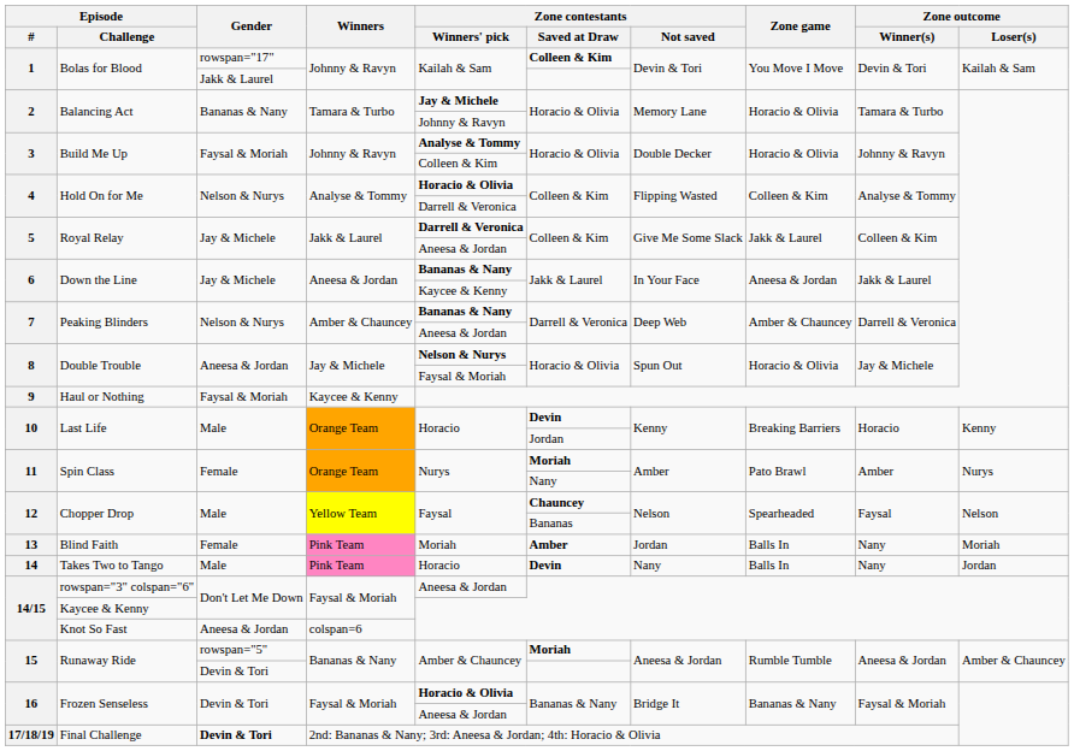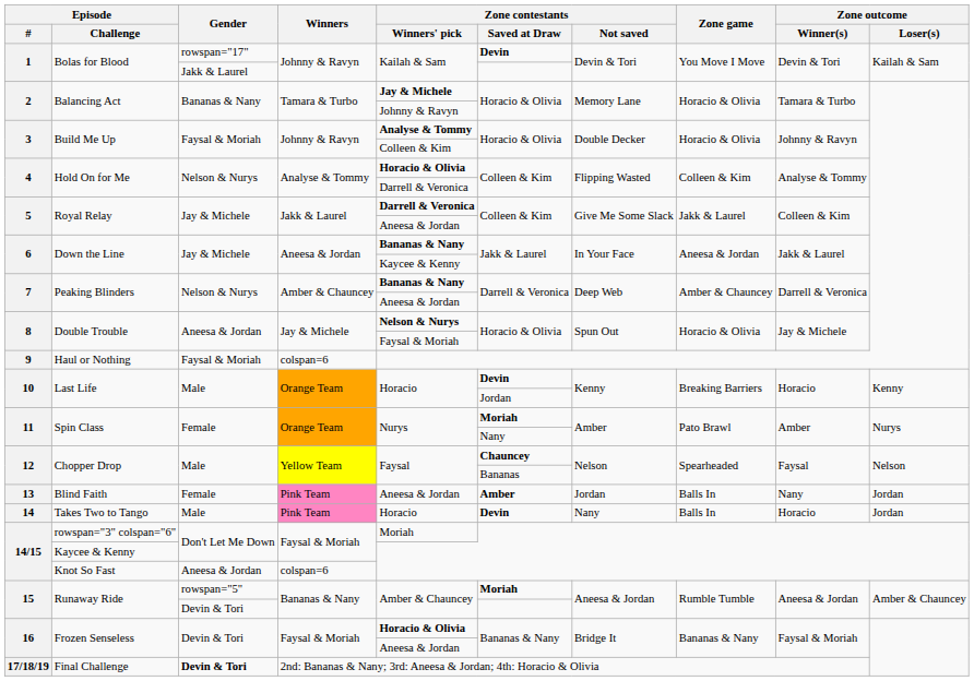 <table class="wikitable" style="font-size:90%; white-space:nowrap">
 <tr>
 <th colspan="2">Episode</th>
 <th rowspan="2">Gender</th>
 <th rowspan="2">Winners</th>
 <th colspan="3">Zone contestants</th>
 <th rowspan="2">Zone game</th>
 <th colspan="2">Zone outcome</th>
 </tr>
 <tr>
 <th>#</th>
 <th>Challenge</th>
 <th>Winners' pick</th>
 <th>Saved at Draw</th>
 <th>Not saved</th>
 <th>Winner(s)</th>
 <th>Loser(s)</th>
 </tr>
 <tr>
 <th rowspan="2">1</th>
 <td rowspan="2">Bolas for Blood</td>
 <td>rowspan="17" </td>
 <td rowspan="2">Johnny & Ravyn</td>
 <td rowspan="2">Kailah & Sam</td>
-<td><strong>Colleen & Kim</strong></td>
+<td><strong>Devin</strong></td>
 <td rowspan="2">Devin & Tori</td>
 <td rowspan="2">You Move I Move</td>
 <td rowspan="2">Devin & Tori</td>
 <td rowspan="2">Kailah & Sam</td>
 </tr>
 <tr>
 <td>Jakk & Laurel</td>
 </tr>
 <tr>
 <th rowspan="2">2</th>
 <td rowspan="2">Balancing Act</td>
 <td rowspan="2">Bananas & Nany</td>
 <td rowspan="2">Tamara & Turbo</td>
 <td><strong>Jay & Michele</strong></td>
 <td rowspan="2">Horacio & Olivia</td>
 <td rowspan="2">Memory Lane</td>
 <td rowspan="2">Horacio & Olivia</td>
 <td rowspan="2">Tamara & Turbo</td>
 </tr>
 <tr>
 <td>Johnny & Ravyn</td>
 </tr>
 <tr>
 <th rowspan="2">3</th>
 <td rowspan="2">Build Me Up</td>
 <td rowspan="2">Faysal & Moriah</td>
 <td rowspan="2">Johnny & Ravyn</td>
 <td><strong>Analyse & Tommy</strong></td>
 <td rowspan="2">Horacio & Olivia</td>
 <td rowspan="2">Double Decker</td>
 <td rowspan="2">Horacio & Olivia</td>
 <td rowspan="2">Johnny & Ravyn</td>
 </tr>
 <tr>
 <td>Colleen & Kim</td>
 </tr>
 <tr>
 <th rowspan="2">4</th>
 <td rowspan="2">Hold On for Me</td>
 <td rowspan="2">Nelson & Nurys</td>
 <td rowspan="2">Analyse & Tommy</td>
 <td><strong>Horacio & Olivia</strong></td>
 <td rowspan="2">Colleen & Kim</td>
 <td rowspan="2">Flipping Wasted</td>
 <td rowspan="2">Colleen & Kim</td>
 <td rowspan="2">Analyse & Tommy</td>
 </tr>
 <tr>
 <td>Darrell & Veronica</td>
 </tr>
 <tr>
 <th rowspan="2">5</th>
 <td rowspan="2">Royal Relay</td>
 <td rowspan="2">Jay & Michele</td>
 <td rowspan="2">Jakk & Laurel</td>
 <td><strong>Darrell & Veronica</strong></td>
 <td rowspan="2">Colleen & Kim</td>
 <td rowspan="2">Give Me Some Slack</td>
 <td rowspan="2">Jakk & Laurel</td>
 <td rowspan="2">Colleen & Kim</td>
 </tr>
 <tr>
 <td>Aneesa & Jordan</td>
 </tr>
 <tr>
 <th rowspan="2">6</th>
 <td rowspan="2">Down the Line</td>
 <td rowspan="2">Jay & Michele</td>
 <td rowspan="2">Aneesa & Jordan</td>
 <td><strong>Bananas & Nany</strong></td>
 <td rowspan="2">Jakk & Laurel</td>
 <td rowspan="2">In Your Face</td>
 <td rowspan="2">Aneesa & Jordan</td>
 <td rowspan="2">Jakk & Laurel</td>
 </tr>
 <tr>
 <td>Kaycee & Kenny</td>
 </tr>
 <tr>
 <th rowspan="2">7</th>
 <td rowspan="2">Peaking Blinders</td>
 <td rowspan="2">Nelson & Nurys</td>
 <td rowspan="2">Amber & Chauncey</td>
 <td><strong>Bananas & Nany</strong></td>
 <td rowspan="2">Darrell & Veronica</td>
 <td rowspan="2">Deep Web</td>
 <td rowspan="2">Amber & Chauncey</td>
 <td rowspan="2">Darrell & Veronica</td>
 </tr>
 <tr>
 <td>Aneesa & Jordan</td>
 </tr>
 <tr>
 <th rowspan="2">8</th>
 <td rowspan="2">Double Trouble</td>
 <td rowspan="2">Aneesa & Jordan</td>
 <td rowspan="2">Jay & Michele</td>
 <td><strong>Nelson & Nurys</strong></td>
 <td rowspan="2">Horacio & Olivia</td>
 <td rowspan="2">Spun Out</td>
 <td rowspan="2">Horacio & Olivia</td>
 <td rowspan="2">Jay & Michele</td>
 </tr>
 <tr>
 <td>Faysal & Moriah</td>
 </tr>
 <tr>
 <th>9</th>
 <td>Haul or Nothing</td>
 <td>Faysal & Moriah</td>
-<td>Kaycee & Kenny</td>
+<td>colspan=6 </td>
 </tr>
 <tr>
 <th rowspan="2">10</th>
 <td rowspan="2">Last Life</td>
 <td rowspan="2">Male</td>
 <td rowspan="2" bgcolor="orange">Orange Team</td>
 <td rowspan="2">Horacio</td>
 <td><strong>Devin</strong></td>
 <td rowspan="2">Kenny</td>
 <td rowspan="2">Breaking Barriers</td>
 <td rowspan="2">Horacio</td>
 <td rowspan="2">Kenny</td>
 </tr>
 <tr>
 <td>Jordan</td>
 </tr>
 <tr>
 <th rowspan="2">11</th>
 <td rowspan="2">Spin Class</td>
 <td rowspan="2">Female</td>
 <td rowspan="2" bgcolor="orange">Orange Team</td>
 <td rowspan="2">Nurys</td>
 <td><strong>Moriah</strong></td>
 <td rowspan="2">Amber</td>
 <td rowspan="2">Pato Brawl</td>
 <td rowspan="2">Amber</td>
 <td rowspan="2">Nurys</td>
 </tr>
 <tr>
 <td>Nany</td>
 </tr>
 <tr>
 <th rowspan="2">12</th>
 <td rowspan="2">Chopper Drop</td>
 <td rowspan="2">Male</td>
 <td rowspan="2" bgcolor="yellow">Yellow Team</td>
 <td rowspan="2">Faysal</td>
 <td><strong>Chauncey</strong></td>
 <td rowspan="2">Nelson</td>
 <td rowspan="2">Spearheaded</td>
 <td rowspan="2">Faysal</td>
 <td rowspan="2">Nelson</td>
 </tr>
 <tr>
 <td>Bananas</td>
 </tr>
 <tr>
 <th>13</th>
 <td>Blind Faith</td>
 <td>Female</td>
 <td bgcolor="#FF85C2">Pink Team</td>
-<td>Moriah</td>
+<td>Aneesa & Jordan</td>
 <td><strong>Amber</strong></td>
 <td>Jordan</td>
 <td>Balls In</td>
 <td>Nany</td>
-<td>Moriah</td>
+<td>Jordan</td>
 </tr>
 <tr>
 <th>14</th>
 <td>Takes Two to Tango</td>
 <td>Male</td>
 <td bgcolor="#FF85C2">Pink Team</td>
 <td>Horacio</td>
 <td><strong>Devin</strong></td>
 <td>Nany</td>
 <td>Balls In</td>
-<td>Nany</td>
+<td>Horacio</td>
 <td>Jordan</td>
 </tr>
 <tr>
 <th rowspan="3">14/15</th>
 <td>rowspan="3" colspan="6" </td>
 <td rowspan="2">Don't Let Me Down</td>
 <td rowspan="2">Faysal & Moriah</td>
-<td>Aneesa & Jordan</td>
+<td>Moriah</td>
 </tr>
 <tr>
 <td>Kaycee & Kenny</td>
 </tr>
 <tr>
 <td>Knot So Fast</td>
 <td>Aneesa & Jordan</td>
 <td>colspan=6 </td>
 </tr>
 <tr>
 <th rowspan="2">15</th>
 <td rowspan="2">Runaway Ride</td>
 <td>rowspan="5" </td>
 <td rowspan="2">Bananas & Nany</td>
 <td rowspan="2">Amber & Chauncey</td>
 <td><strong>Moriah</strong></td>
 <td rowspan="2">Aneesa & Jordan</td>
 <td rowspan="2">Rumble Tumble</td>
 <td rowspan="2">Aneesa & Jordan</td>
 <td rowspan="2">Amber & Chauncey</td>
 </tr>
 <tr>
 <td>Devin & Tori</td>
 </tr>
 <tr>
 <th rowspan="2">16</th>
 <td rowspan="2">Frozen Senseless</td>
 <td rowspan="2">Devin & Tori</td>
 <td rowspan="2">Faysal & Moriah</td>
 <td><strong>Horacio & Olivia</strong></td>
 <td rowspan="2">Bananas & Nany</td>
 <td rowspan="2">Bridge It</td>
 <td rowspan="2">Bananas & Nany</td>
 <td rowspan="2">Faysal & Moriah</td>
 </tr>
 <tr>
 <td>Aneesa & Jordan</td>
 </tr>
 <tr>
 <th>17/18/19</th>
 <td>Final Challenge</td>
 <td><strong>Devin & Tori</strong></td>
 <td colspan="6">2nd: Bananas & Nany; 3rd: Aneesa & Jordan; 4th: Horacio & Olivia</td>
 </tr>
 </table>
